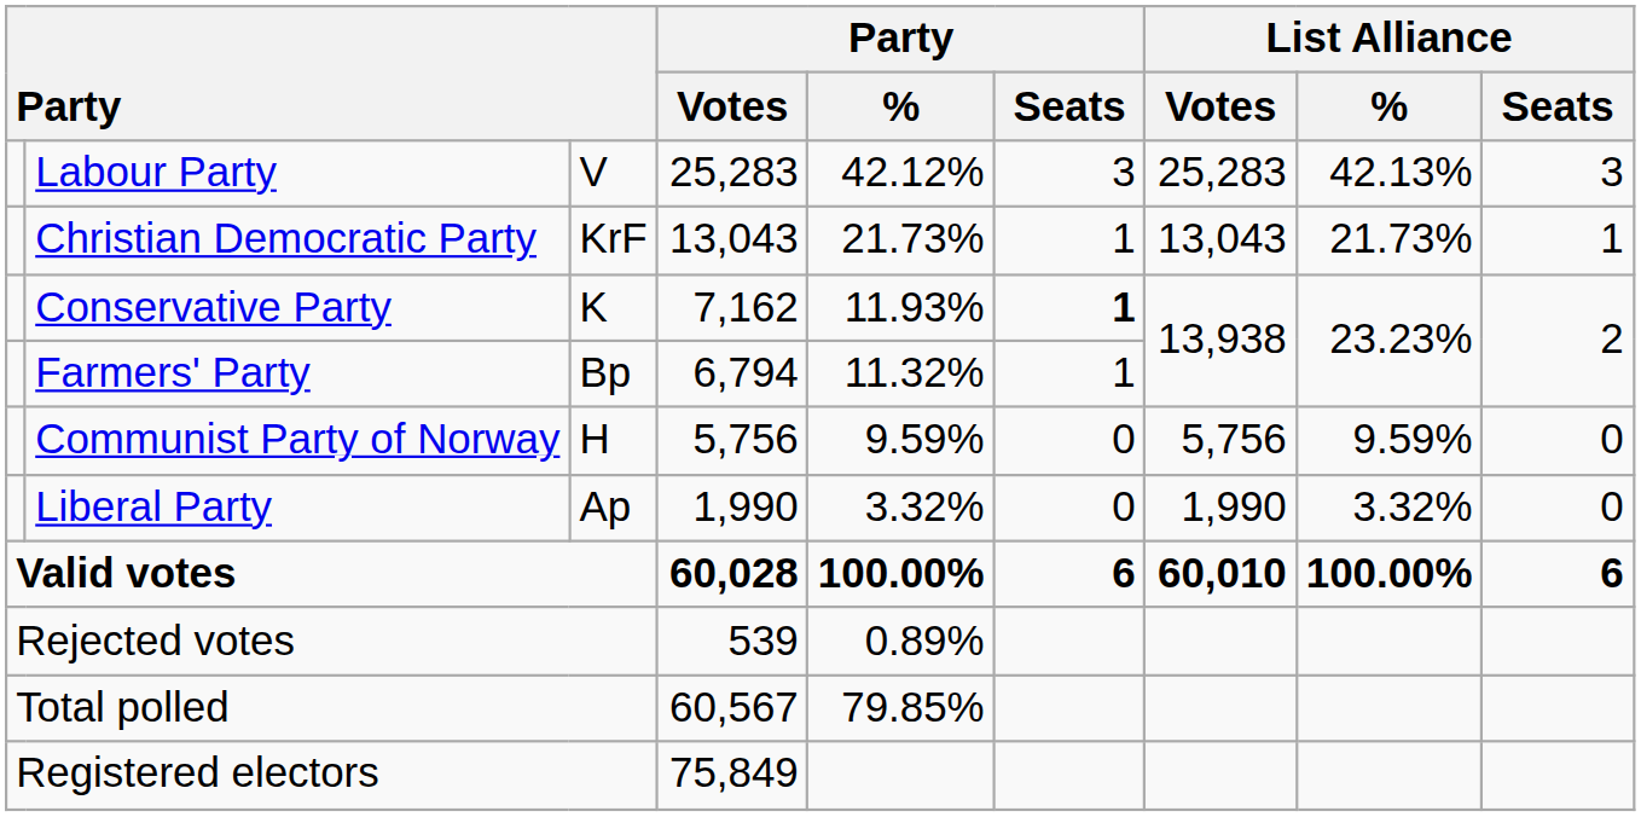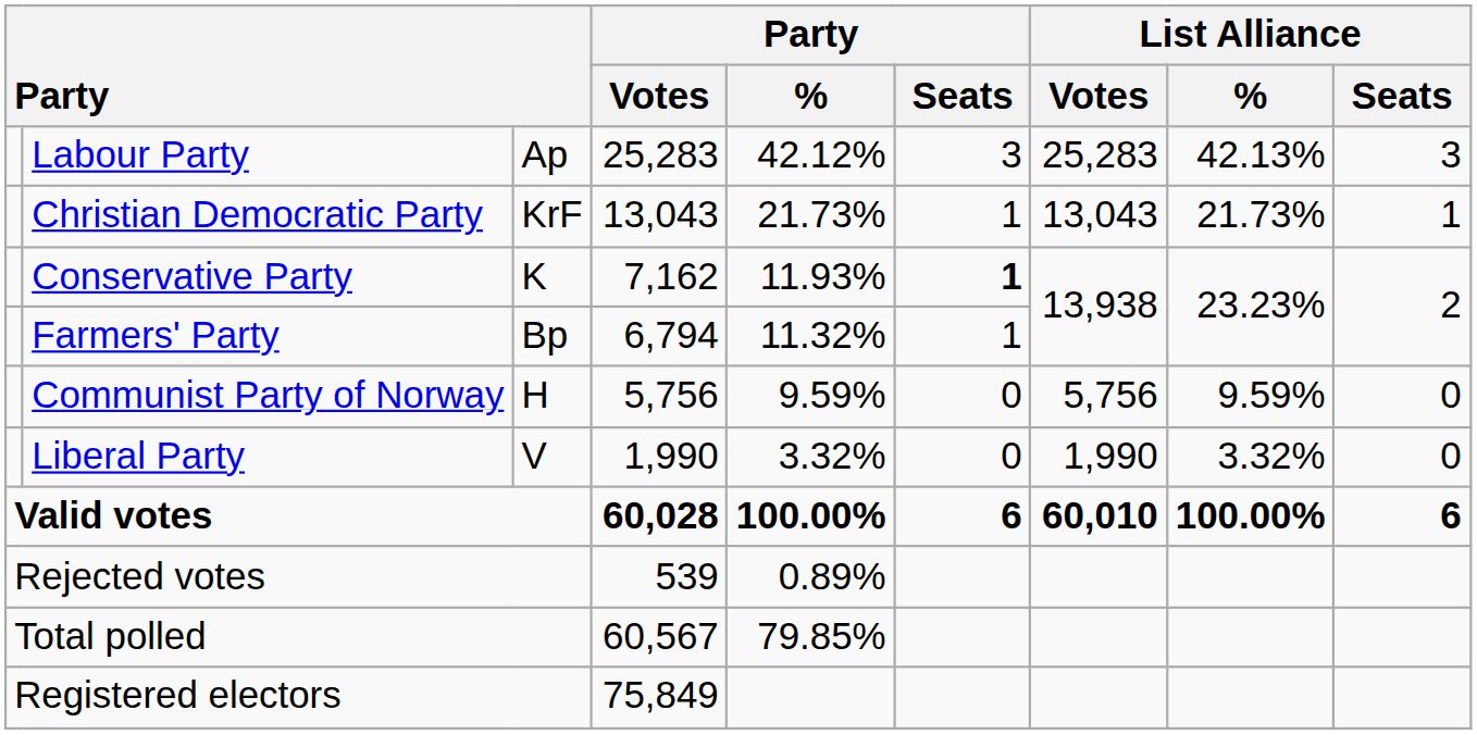 <table class="wikitable" border="1" style="text-align:right;">
 <tr>
 <th style="text-align:left;" valign=bottom rowspan=2 colspan=3>Party</th>
 <th colspan=3>Party</th>
 <th colspan=3>List Alliance</th>
 </tr>
 <tr>
 <th align=center valign=bottom width="50">Votes</th>
 <th align=center valign=bottom width="50">%</th>
 <th align=center valign=bottom width="50">Seats</th>
 <th align=center valign=bottom width="50">Votes</th>
 <th align=center valign=bottom width="50">%</th>
 <th align=center valign=bottom width="50">Seats</th>
 </tr>
 <tr>
 <td style="color:inherit;background:"></td>
 <td align=left><a href='#'>Labour Party</a></td>
-<td align=left>V</td>
+<td align=left>Ap</td>
 <td>25,283</td>
 <td>42.12%</td>
 <td>3</td>
 <td>25,283</td>
 <td>42.13%</td>
 <td>3</td>
 </tr>
 <tr>
 <td style="color:inherit;background:"></td>
 <td align=left><a href='#'>Christian Democratic Party</a></td>
 <td align=left>KrF</td>
 <td>13,043</td>
 <td>21.73%</td>
 <td>1</td>
 <td>13,043</td>
 <td>21.73%</td>
 <td>1</td>
 </tr>
 <tr>
 <td style="color:inherit;background:"></td>
 <td align=left><a href='#'>Conservative Party</a></td>
 <td align=left>K</td>
 <td>7,162</td>
 <td>11.93%</td>
 <td><strong>1</strong></td>
 <td rowspan=2>13,938</td>
 <td rowspan=2>23.23%</td>
 <td rowspan=2>2</td>
 </tr>
 <tr>
 <td style="color:inherit;background:"></td>
 <td align=left><a href='#'>Farmers' Party</a></td>
 <td align=left>Bp</td>
 <td>6,794</td>
 <td>11.32%</td>
 <td>1</td>
 </tr>
 <tr>
 <td style="color:inherit;background:"></td>
 <td align=left><a href='#'>Communist Party of Norway</a></td>
 <td align=left>H</td>
 <td>5,756</td>
 <td>9.59%</td>
 <td>0</td>
 <td>5,756</td>
 <td>9.59%</td>
 <td>0</td>
 </tr>
 <tr>
 <td style="color:inherit;background:"></td>
 <td align=left><a href='#'>Liberal Party</a></td>
-<td align=left>Ap</td>
+<td align=left>V</td>
 <td>1,990</td>
 <td>3.32%</td>
 <td>0</td>
 <td>1,990</td>
 <td>3.32%</td>
 <td>0</td>
 </tr>
 <tr style="font-weight:bold">
 <td align=left colspan=3>Valid votes</td>
 <td>60,028</td>
 <td>100.00%</td>
 <td>6</td>
 <td>60,010</td>
 <td>100.00%</td>
 <td>6</td>
 </tr>
 <tr>
 <td align=left colspan=3>Rejected votes</td>
 <td>539</td>
 <td>0.89%</td>
 <td></td>
 <td></td>
 <td></td>
 <td></td>
 </tr>
 <tr>
 <td align=left colspan=3>Total polled</td>
 <td>60,567</td>
 <td>79.85%</td>
 <td></td>
 <td></td>
 <td></td>
 <td></td>
 </tr>
 <tr>
 <td align=left colspan=3>Registered electors</td>
 <td>75,849</td>
 <td></td>
 <td></td>
 <td></td>
 <td></td>
 <td></td>
 </tr>
 </table>
